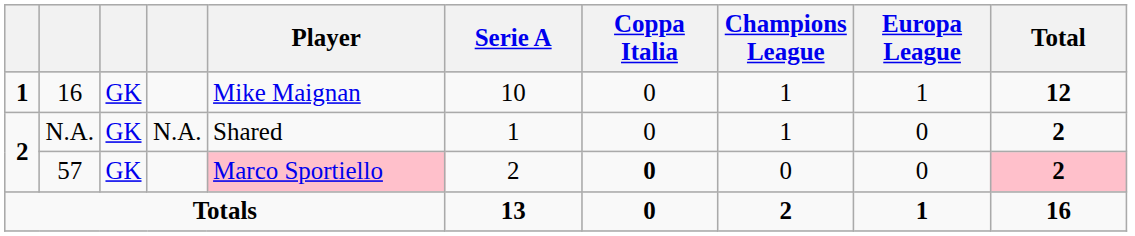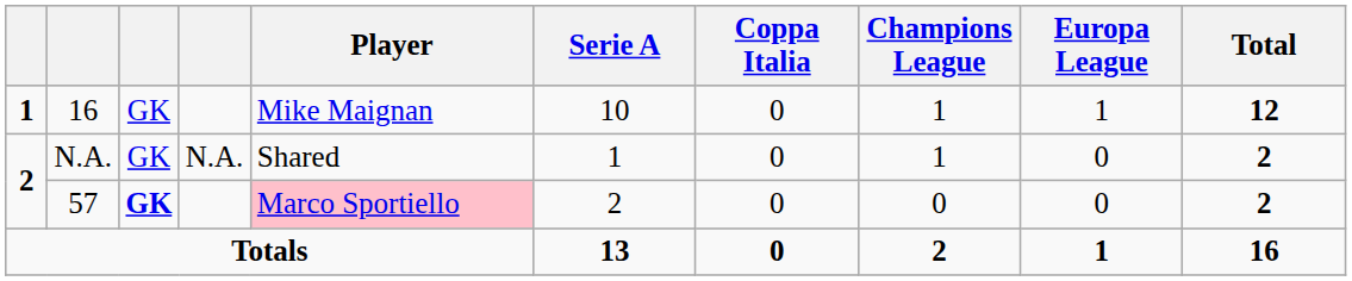 <table class="wikitable" style="text-align:center">
 <tr>
 <th width=15></th>
 <th width=15></th>
 <th width=15></th>
 <th width=15></th>
 <th width=145>Player</th>
 <th width=80><a href='#'>Serie A</a></th>
 <th width=80><a href='#'>Coppa Italia</a></th>
 <th width=80><a href='#'>Champions League</a></th>
 <th width=80><a href='#'>Europa League</a></th>
 <th width=80>Total</th>
 </tr>
 <tr>
 <td><strong>1</strong></td>
 <td>16</td>
 <td><a href='#'>GK</a></td>
 <td></td>
 <td align=left><a href='#'>Mike Maignan</a></td>
 <td>10</td>
 <td>0</td>
 <td>1</td>
 <td>1</td>
 <td><strong>12</strong></td>
 </tr>
 <tr>
 <td rowspan=2><strong>2</strong></td>
 <td>N.A.</td>
 <td><a href='#'>GK</a></td>
 <td>N.A.</td>
 <td align=left>Shared</td>
 <td>1</td>
 <td>0</td>
 <td>1</td>
 <td>0</td>
 <td><strong>2</strong></td>
 </tr>
 <tr>
 <td>57</td>
-<td><a href='#'>GK</a></td>
+<td><strong><a href='#'>GK</a></strong></td>
 <td></td>
 <td align=left style="background: pink;"><a href='#'>Marco Sportiello</a></td>
 <td>2</td>
-<td><strong>0</strong></td>
 <td>0</td>
 <td>0</td>
-<td style="background: pink;"><strong>2</strong></td>
+<td>0</td>
+<td><strong>2</strong></td>
 </tr>
 <tr>
 <td colspan=5><strong>Totals</strong></td>
 <td><strong>13</strong></td>
 <td><strong>0</strong></td>
 <td><strong>2</strong></td>
 <td><strong>1</strong></td>
 <td><strong>16</strong></td>
 </tr>
 </table>
